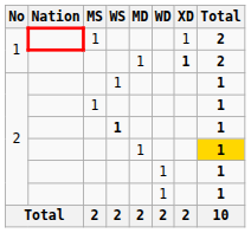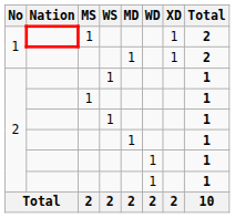 <table class="wikitable" style="text-align:center">
 <tr>
 <th>No</th>
 <th>Nation</th>
 <th>MS</th>
 <th>WS</th>
 <th>MD</th>
 <th>WD</th>
 <th>XD</th>
 <th>Total</th>
 </tr>
 <tr>
 <td rowspan="2">1</td>
 <td align="left" style="border: 3px solid red"><strong></strong></td>
 <td>1</td>
 <td></td>
 <td></td>
 <td></td>
 <td>1</td>
 <td><strong>2</strong></td>
 </tr>
 <tr>
 <td align=left></td>
 <td></td>
 <td></td>
 <td>1</td>
 <td></td>
-<td><strong>1</strong></td>
+<td>1</td>
 <td><strong>2</strong></td>
 </tr>
 <tr>
 <td rowspan="6">2</td>
 <td align=left></td>
 <td></td>
 <td>1</td>
 <td></td>
 <td></td>
 <td></td>
 <td><strong>1</strong></td>
 </tr>
 <tr>
 <td align=left></td>
 <td>1</td>
 <td></td>
 <td></td>
 <td></td>
 <td></td>
 <td><strong>1</strong></td>
 </tr>
 <tr>
 <td align=left></td>
 <td></td>
-<td><strong>1</strong></td>
+<td>1</td>
 <td></td>
 <td></td>
 <td></td>
 <td><strong>1</strong></td>
 </tr>
 <tr>
 <td align=left></td>
 <td></td>
 <td></td>
 <td>1</td>
 <td></td>
 <td></td>
-<td style="background: gold;"><strong>1</strong></td>
+<td><strong>1</strong></td>
 </tr>
 <tr>
 <td align=left></td>
 <td></td>
 <td></td>
 <td></td>
 <td>1</td>
 <td></td>
 <td><strong>1</strong></td>
 </tr>
 <tr>
 <td align=left></td>
 <td></td>
 <td></td>
 <td></td>
 <td>1</td>
 <td></td>
 <td><strong>1</strong></td>
 </tr>
 <tr>
 <th colspan="2">Total</th>
 <th>2</th>
 <th>2</th>
 <th>2</th>
 <th>2</th>
 <th>2</th>
 <th>10</th>
 </tr>
 </table>
